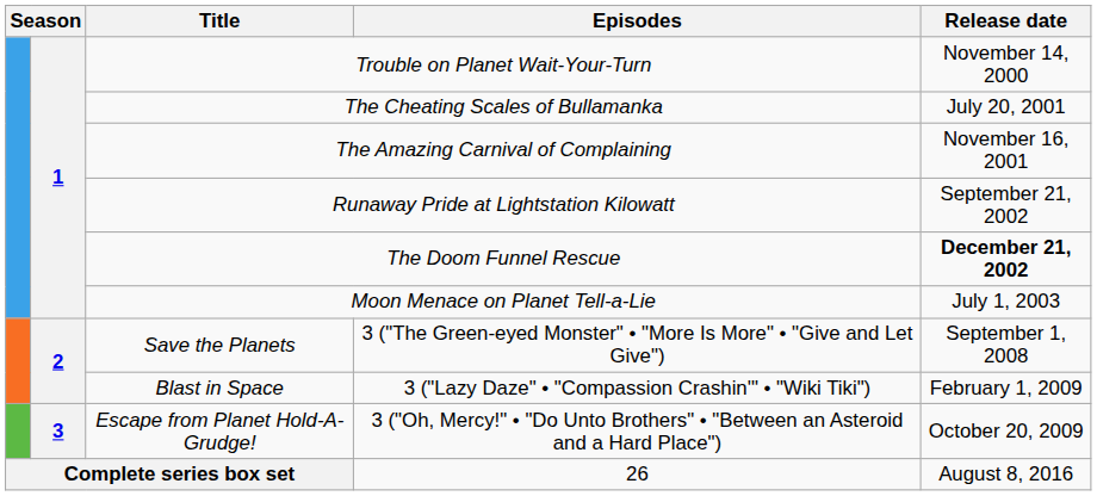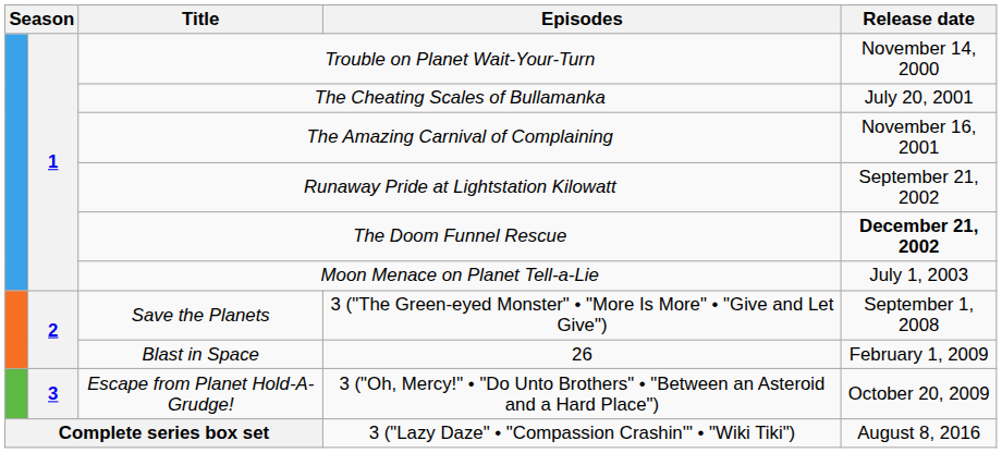 <table class="wikitable" style="text-align: center">
 <tr>
 <th colspan="2">Season</th>
 <th>Title</th>
 <th>Episodes</th>
 <th>Release date</th>
 </tr>
 <tr>
 <th rowspan="6" style="background:#3AA2E8"></th>
 <th rowspan="6"><a href='#'>1</a></th>
 <td colspan="2"><em>Trouble on Planet Wait-Your-Turn</em></td>
 <td>November 14, 2000</td>
 </tr>
 <tr>
 <td colspan="2"><em>The Cheating Scales of Bullamanka</em></td>
 <td>July 20, 2001</td>
 </tr>
 <tr>
 <td colspan="2"><em>The Amazing Carnival of Complaining</em></td>
 <td>November 16, 2001</td>
 </tr>
 <tr>
 <td colspan="2"><em>Runaway Pride at Lightstation Kilowatt</em></td>
 <td>September 21, 2002</td>
 </tr>
 <tr>
 <td colspan="2"><em>The Doom Funnel Rescue</em></td>
 <td><strong>December 21, 2002</strong></td>
 </tr>
 <tr>
 <td colspan="2"><em>Moon Menace on Planet Tell-a-Lie</em></td>
 <td>July 1, 2003</td>
 </tr>
 <tr>
 <th rowspan="2" style="background:#F86E23"></th>
 <th rowspan="2"><a href='#'>2</a></th>
 <td><em>Save the Planets</em></td>
 <td>3 ("The Green-eyed Monster" • "More Is More" • "Give and Let Give")</td>
 <td>September 1, 2008</td>
 </tr>
 <tr>
 <td><em>Blast in Space</em></td>
-<td>3 ("Lazy Daze" • "Compassion Crashin'" • "Wiki Tiki")</td>
+<td>26</td>
 <td>February 1, 2009</td>
 </tr>
 <tr>
 <th style="background:#5CB944"></th>
 <th><a href='#'>3</a></th>
 <td><em>Escape from Planet Hold-A-Grudge!</em></td>
 <td>3 ("Oh, Mercy!" • "Do Unto Brothers" • "Between an Asteroid and a Hard Place")</td>
 <td>October 20, 2009</td>
 </tr>
 <tr>
 <th colspan="3">Complete series box set</th>
-<td>26</td>
+<td>3 ("Lazy Daze" • "Compassion Crashin'" • "Wiki Tiki")</td>
 <td>August 8, 2016</td>
 </tr>
 </table>
